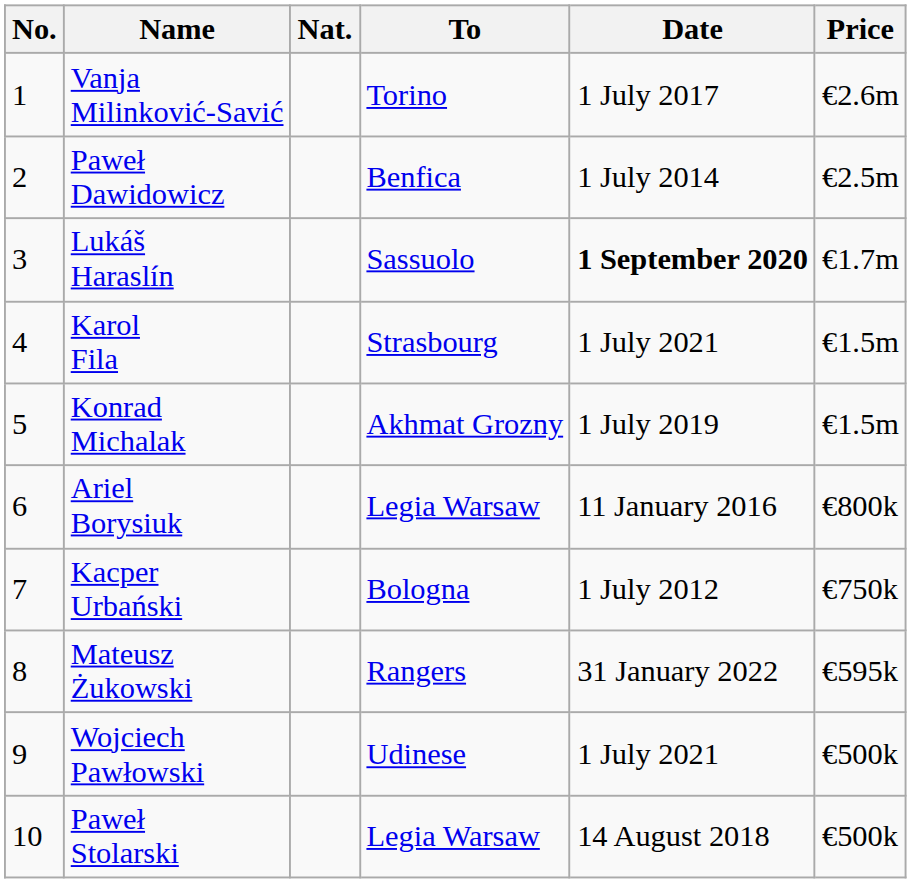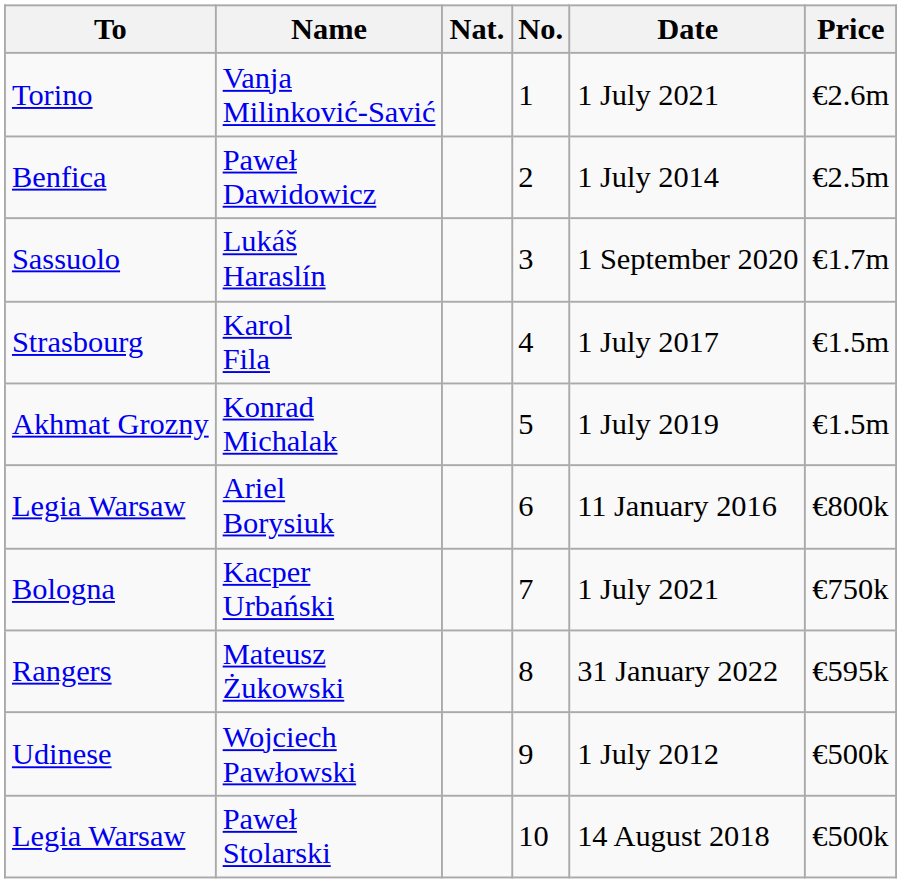 <table class="wikitable" style="display: inline-table;">
 <tr>
-<th>No.</th>
+<th>To</th>
 <th>Name</th>
 <th>Nat.</th>
-<th>To</th>
+<th>No.</th>
 <th>Date</th>
 <th>Price</th>
 </tr>
 <tr>
-<td>1</td>
+<td><a href='#'>Torino</a></td>
 <td><a href='#'>Vanja<br>Milinković-Savić</a></td>
 <td></td>
-<td><a href='#'>Torino</a></td>
-<td>1 July 2017</td>
+<td>1</td>
+<td>1 July 2021</td>
 <td>€2.6m</td>
 </tr>
 <tr>
-<td>2</td>
+<td><a href='#'>Benfica</a></td>
 <td><a href='#'>Paweł<br>Dawidowicz</a></td>
 <td></td>
-<td><a href='#'>Benfica</a></td>
+<td>2</td>
 <td>1 July 2014</td>
 <td>€2.5m</td>
 </tr>
 <tr>
-<td>3</td>
+<td><a href='#'>Sassuolo</a></td>
 <td><a href='#'>Lukáš<br>Haraslín</a></td>
 <td></td>
-<td><a href='#'>Sassuolo</a></td>
-<td><strong>1 September 2020</strong></td>
+<td>3</td>
+<td>1 September 2020</td>
 <td>€1.7m</td>
 </tr>
 <tr>
-<td>4</td>
+<td><a href='#'>Strasbourg</a></td>
 <td><a href='#'>Karol<br>Fila</a></td>
 <td></td>
-<td><a href='#'>Strasbourg</a></td>
-<td>1 July 2021</td>
+<td>4</td>
+<td>1 July 2017</td>
 <td>€1.5m</td>
 </tr>
 <tr>
-<td>5</td>
+<td><a href='#'>Akhmat Grozny</a></td>
 <td><a href='#'>Konrad<br>Michalak</a></td>
 <td></td>
-<td><a href='#'>Akhmat Grozny</a></td>
+<td>5</td>
 <td>1 July 2019</td>
 <td>€1.5m</td>
 </tr>
 <tr>
-<td>6</td>
+<td><a href='#'>Legia Warsaw</a></td>
 <td><a href='#'>Ariel<br>Borysiuk</a></td>
 <td></td>
-<td><a href='#'>Legia Warsaw</a></td>
+<td>6</td>
 <td>11 January 2016</td>
 <td>€800k</td>
 </tr>
 <tr>
-<td>7</td>
+<td><a href='#'>Bologna</a></td>
 <td><a href='#'>Kacper<br>Urbański</a></td>
 <td></td>
-<td><a href='#'>Bologna</a></td>
-<td>1 July 2012</td>
+<td>7</td>
+<td>1 July 2021</td>
 <td>€750k</td>
 </tr>
 <tr>
-<td>8</td>
+<td><a href='#'>Rangers</a></td>
 <td><a href='#'>Mateusz<br>Żukowski</a></td>
 <td></td>
-<td><a href='#'>Rangers</a></td>
+<td>8</td>
 <td>31 January 2022</td>
 <td>€595k</td>
 </tr>
 <tr>
-<td>9</td>
+<td><a href='#'>Udinese</a></td>
 <td><a href='#'>Wojciech<br>Pawłowski</a></td>
 <td></td>
-<td><a href='#'>Udinese</a></td>
-<td>1 July 2021</td>
+<td>9</td>
+<td>1 July 2012</td>
 <td>€500k</td>
 </tr>
 <tr>
-<td>10</td>
+<td><a href='#'>Legia Warsaw</a></td>
 <td><a href='#'>Paweł<br>Stolarski</a></td>
 <td></td>
-<td><a href='#'>Legia Warsaw</a></td>
+<td>10</td>
 <td>14 August 2018</td>
 <td>€500k</td>
 </tr>
 </table>
